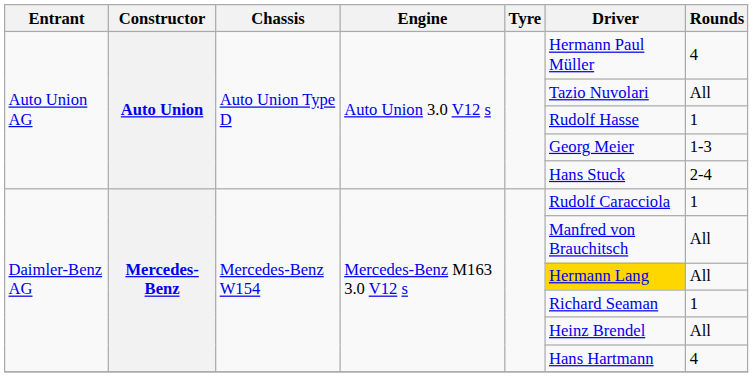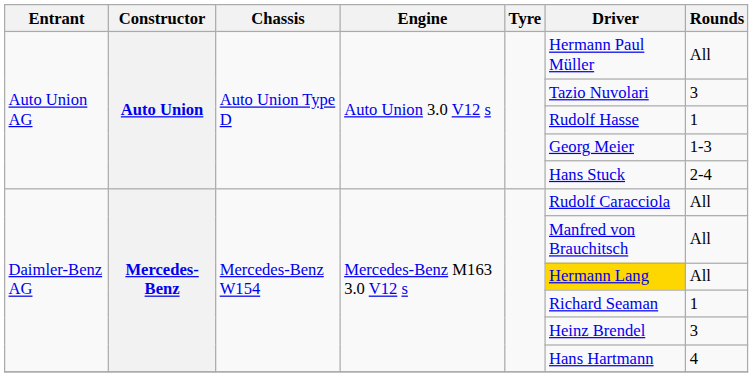 <table class="wikitable" style="font-size: 85%">
 <tr>
 <th>Entrant</th>
 <th>Constructor</th>
 <th>Chassis</th>
 <th>Engine</th>
 <th>Tyre</th>
 <th>Driver</th>
 <th>Rounds</th>
 </tr>
 <tr>
 <td rowspan=5><a href='#'>Auto Union AG</a></td>
 <th rowspan=5><a href='#'>Auto Union</a></th>
 <td rowspan=5><a href='#'>Auto Union Type D</a></td>
 <td rowspan=5><a href='#'>Auto Union</a> 3.0 <a href='#'>V12</a> <a href='#'>s</a></td>
 <td rowspan=5></td>
 <td align="left"> <a href='#'>Hermann Paul Müller</a></td>
-<td>4</td>
+<td>All</td>
 </tr>
 <tr>
 <td align="left"> <a href='#'>Tazio Nuvolari</a></td>
-<td>All</td>
+<td>3</td>
 </tr>
 <tr>
 <td align="left"> <a href='#'>Rudolf Hasse</a></td>
 <td>1</td>
 </tr>
 <tr>
 <td align="left"> <a href='#'>Georg Meier</a></td>
 <td>1-3</td>
 </tr>
 <tr>
 <td align="left"> <a href='#'>Hans Stuck</a></td>
 <td>2-4</td>
 </tr>
 <tr>
 <td rowspan=6><a href='#'>Daimler-Benz AG</a></td>
 <th rowspan=6><a href='#'>Mercedes-Benz</a></th>
 <td rowspan=6><a href='#'>Mercedes-Benz W154</a></td>
 <td rowspan=6><a href='#'>Mercedes-Benz</a> M163 3.0 <a href='#'>V12</a> <a href='#'>s</a></td>
 <td rowspan=6></td>
 <td> <a href='#'>Rudolf Caracciola</a></td>
-<td>1</td>
+<td>All</td>
 </tr>
 <tr>
 <td> <a href='#'>Manfred von Brauchitsch</a></td>
 <td>All</td>
 </tr>
 <tr>
 <td style="background: gold;"> <a href='#'>Hermann Lang</a></td>
 <td>All</td>
 </tr>
 <tr>
 <td> <a href='#'>Richard Seaman</a></td>
 <td>1</td>
 </tr>
 <tr>
 <td> <a href='#'>Heinz Brendel</a></td>
-<td>All</td>
+<td>3</td>
 </tr>
 <tr>
 <td> <a href='#'>Hans Hartmann</a></td>
 <td>4</td>
 </tr>
 <tr>
 </tr>
 </table>
